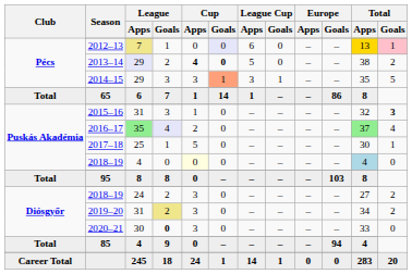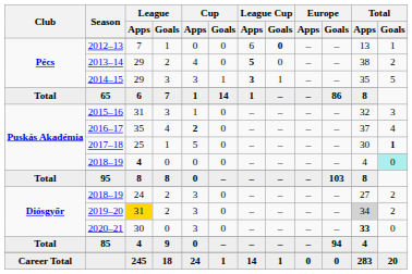 <table class="wikitable" style="font-size:90%; text-align: center;">
 <tr>
 <th rowspan="2">Club</th>
 <th rowspan="2">Season</th>
 <th colspan="2">League</th>
 <th colspan="2">Cup</th>
 <th colspan="2">League Cup</th>
 <th colspan="2">Europe</th>
 <th colspan="2">Total</th>
 </tr>
 <tr>
 <th>Apps</th>
 <th>Goals</th>
 <th>Apps</th>
 <th>Goals</th>
 <th>Apps</th>
 <th>Goals</th>
 <th>Apps</th>
 <th>Goals</th>
 <th>Apps</th>
 <th>Goals</th>
 </tr>
 <tr ||-||-||-|->
 <td rowspan="5" valign="center"><strong><a href='#'>Pécs</a></strong></td>
 </tr>
 <tr>
 <td><a href='#'>2012–13</a></td>
-<td style="background: khaki;">7</td>
+<td>7</td>
 <td>1</td>
 <td>0</td>
-<td style="background: lavender;">0</td>
+<td>0</td>
 <td>6</td>
-<td>0</td>
+<td><strong>0</strong></td>
 <td>–</td>
 <td>–</td>
-<td style="background: gold;">13</td>
-<td style="background: pink;">1</td>
+<td>13</td>
+<td>1</td>
 </tr>
 <tr>
 <td><a href='#'>2013–14</a></td>
-<td style="background: lavender;">29</td>
+<td>29</td>
 <td>2</td>
-<td><strong>4</strong></td>
-<td><strong>0</strong></td>
-<td>5</td>
+<td>4</td>
+<td>0</td>
+<td><strong>5</strong></td>
 <td>0</td>
 <td>–</td>
 <td>–</td>
 <td>38</td>
 <td>2</td>
 </tr>
 <tr>
 <td><a href='#'>2014–15</a></td>
 <td>29</td>
 <td>3</td>
 <td>3</td>
-<td style="background: lightsalmon;">1</td>
-<td>3</td>
+<td>1</td>
+<td><strong>3</strong></td>
 <td>1</td>
 <td>–</td>
 <td>–</td>
 <td>35</td>
 <td>5</td>
 </tr>
 <tr>
 </tr>
 <tr style="font-weight:bold; background-color:#eeeeee;">
 <td>Total</td>
 <td>65</td>
 <td>6</td>
 <td>7</td>
 <td>1</td>
 <td>14</td>
 <td>1</td>
 <td>–</td>
 <td>–</td>
 <td>86</td>
 <td>8</td>
 </tr>
 <tr>
 <td rowspan="6" valign="center"><strong><a href='#'>Puskás Akadémia</a></strong></td>
 </tr>
 <tr>
 <td><a href='#'>2015–16</a></td>
 <td>31</td>
 <td>3</td>
 <td>1</td>
 <td>0</td>
 <td>–</td>
 <td>–</td>
 <td>–</td>
 <td>–</td>
 <td>32</td>
-<td><strong>3</strong></td>
+<td>3</td>
 </tr>
 <tr>
 <td><a href='#'>2016–17</a></td>
-<td style="background: lightgreen;">35</td>
-<td style="background: lavender;">4</td>
-<td>2</td>
+<td>35</td>
+<td>4</td>
+<td><strong>2</strong></td>
 <td>0</td>
 <td>–</td>
 <td>–</td>
 <td>–</td>
 <td>–</td>
-<td style="background: lightgreen;">37</td>
+<td>37</td>
 <td>4</td>
 </tr>
 <tr>
 <td><a href='#'>2017–18</a></td>
 <td>25</td>
 <td>1</td>
 <td>5</td>
 <td>0</td>
 <td>–</td>
 <td>–</td>
 <td>–</td>
 <td>–</td>
 <td>30</td>
-<td>1</td>
+<td><strong>1</strong></td>
 </tr>
 <tr>
 <td><a href='#'>2018–19</a></td>
-<td>4</td>
+<td><strong>4</strong></td>
 <td>0</td>
-<td style="background: lightyellow;">0</td>
+<td>0</td>
 <td>0</td>
 <td>–</td>
 <td>–</td>
 <td>–</td>
 <td>–</td>
-<td style="background: lightblue;">4</td>
-<td>0</td>
+<td>4</td>
+<td style="background: paleturquoise;">0</td>
 </tr>
 <tr>
 </tr>
 <tr style="font-weight:bold; background-color:#eeeeee;">
 <td>Total</td>
 <td>95</td>
 <td>8</td>
 <td>8</td>
 <td>0</td>
 <td>–</td>
 <td>–</td>
 <td>–</td>
 <td>–</td>
 <td>103</td>
 <td>8</td>
 </tr>
 <tr>
 <td rowspan="5" valign="center"><strong><a href='#'>Diósgyőr</a></strong></td>
 </tr>
 <tr>
 <td><a href='#'>2018–19</a></td>
 <td>24</td>
 <td>2</td>
 <td>3</td>
 <td>0</td>
 <td>–</td>
 <td>–</td>
 <td>–</td>
 <td>–</td>
 <td>27</td>
 <td>2</td>
 </tr>
 <tr>
 <td><a href='#'>2019–20</a></td>
-<td>31</td>
-<td style="background: khaki;">2</td>
+<td style="background: gold;">31</td>
+<td>2</td>
 <td>3</td>
 <td>0</td>
 <td>–</td>
 <td>–</td>
 <td>–</td>
 <td>–</td>
-<td>34</td>
+<td style="background: lightgrey;">34</td>
 <td>2</td>
 </tr>
 <tr>
 <td><a href='#'>2020–21</a></td>
 <td>30</td>
-<td><strong>0</strong></td>
+<td>0</td>
 <td>3</td>
 <td>0</td>
 <td>–</td>
 <td>–</td>
 <td>–</td>
 <td>–</td>
-<td>33</td>
+<td><strong>33</strong></td>
 <td>0</td>
 </tr>
 <tr>
 </tr>
 <tr style="font-weight:bold; background-color:#eeeeee;">
 <td>Total</td>
 <td>85</td>
 <td>4</td>
 <td>9</td>
 <td>0</td>
 <td>–</td>
 <td>–</td>
 <td>–</td>
 <td>–</td>
 <td>94</td>
 <td>4</td>
 </tr>
 <tr>
 </tr>
 <tr style="font-weight:bold; background-color:#eeeeee;">
 <td rowspan="2" valign="top"><strong>Career Total</strong></td>
 <td></td>
 <td><strong>245</strong></td>
 <td><strong>18</strong></td>
 <td><strong>24</strong></td>
 <td><strong>1</strong></td>
 <td><strong>14</strong></td>
 <td><strong>1</strong></td>
 <td><strong>0</strong></td>
 <td><strong>0</strong></td>
 <td><strong>283</strong></td>
 <td><strong>20</strong></td>
 </tr>
 </table>
